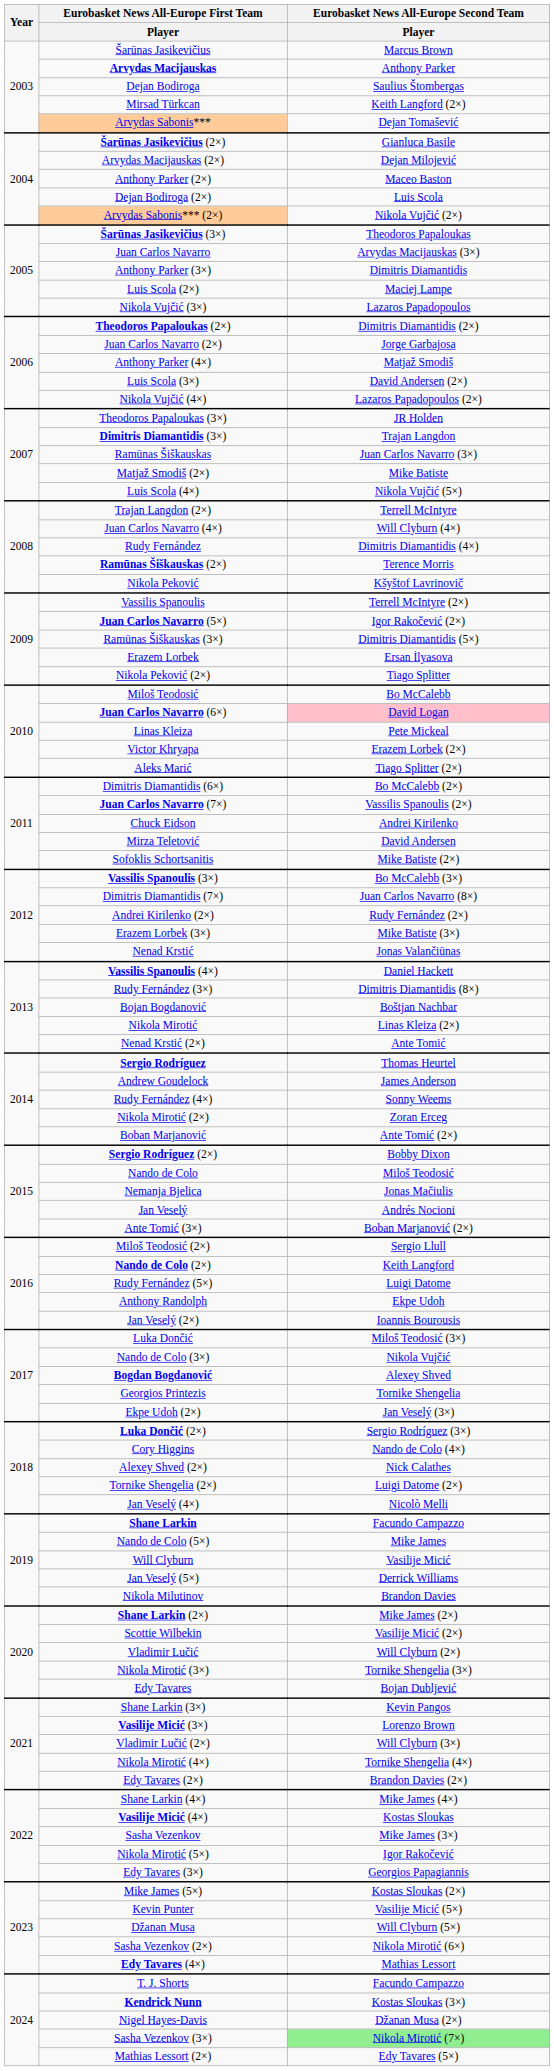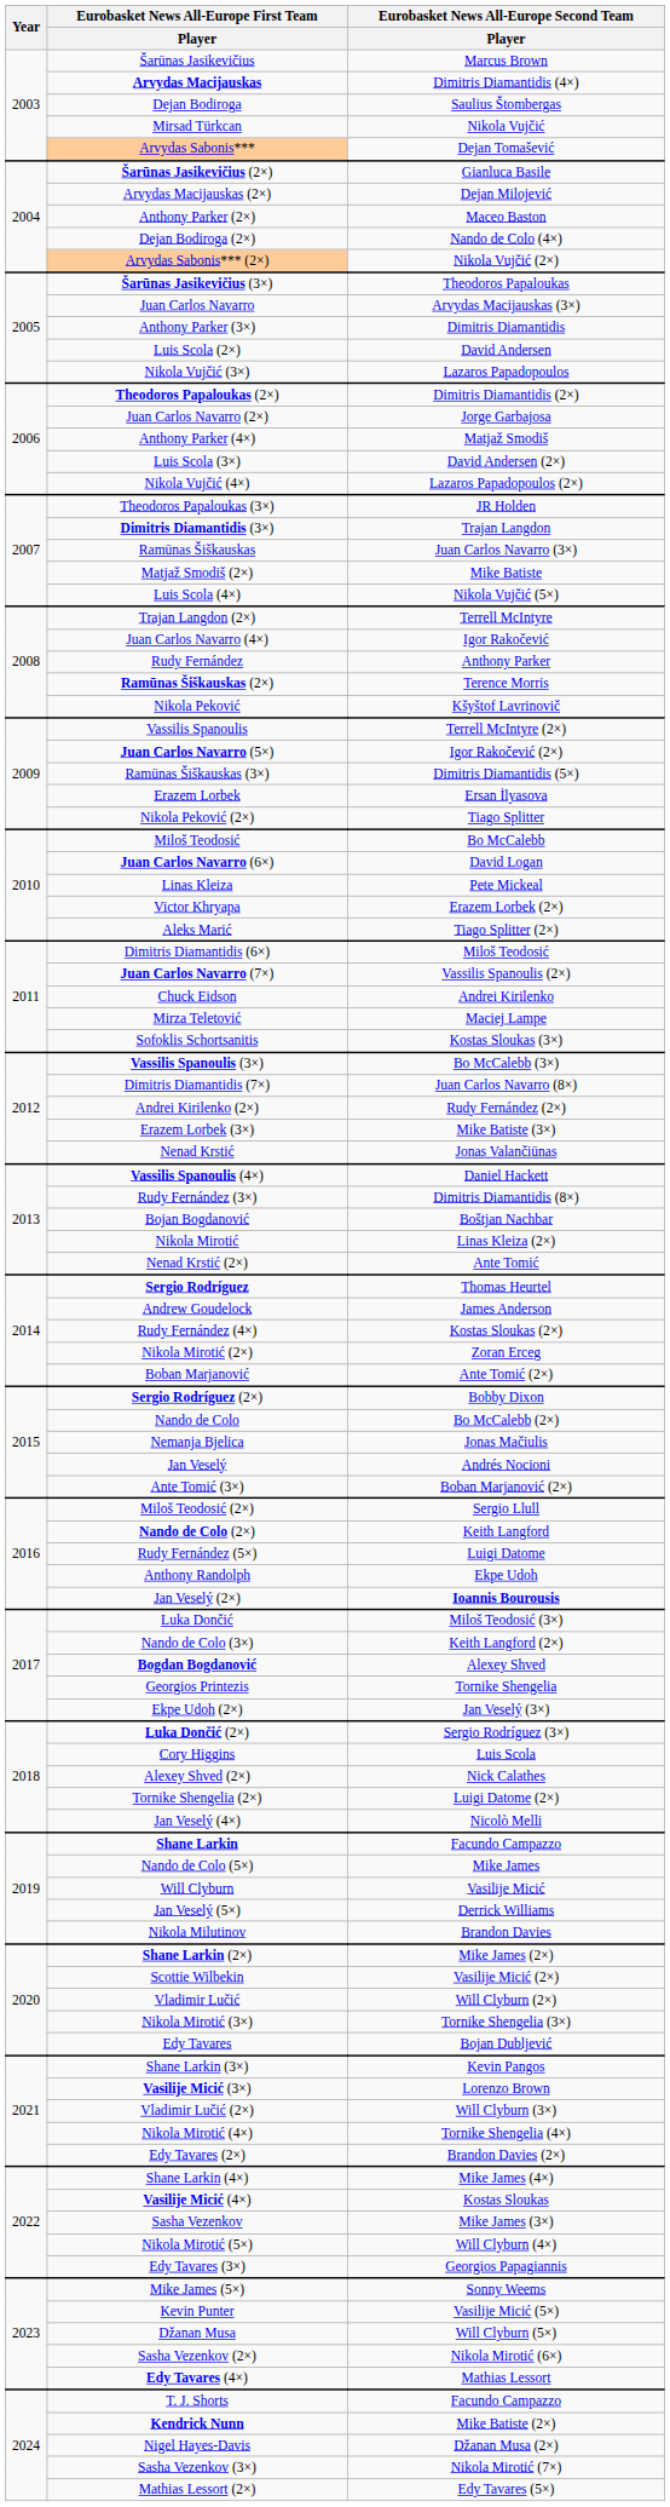 <table class="wikitable sortable" style="text-align:center; width: 60%">
 <tr>
 <th rowspan="2">Year</th>
 <th>Eurobasket News All-Europe First Team</th>
 <th>Eurobasket News All-Europe Second Team</th>
 </tr>
 <tr>
 <th>Player</th>
 <th>Player</th>
 </tr>
 <tr>
 <td rowspan="5">2003</td>
 <td> <a href='#'>Šarūnas Jasikevičius</a></td>
 <td> <a href='#'>Marcus Brown</a></td>
 </tr>
 <tr>
 <td> <strong><a href='#'>Arvydas Macijauskas</a></strong></td>
-<td> <a href='#'>Anthony Parker</a></td>
+<td> <a href='#'>Dimitris Diamantidis</a> (4×)</td>
 </tr>
 <tr>
 <td> <a href='#'>Dejan Bodiroga</a></td>
 <td> <a href='#'>Saulius Štombergas</a></td>
 </tr>
 <tr>
 <td> <a href='#'>Mirsad Türkcan</a></td>
-<td> <a href='#'>Keith Langford</a> (2×)</td>
+<td> <a href='#'>Nikola Vujčić</a></td>
 </tr>
 <tr>
 <td scope="row" style="background-color:#FFCC99; align=left"> <a href='#'>Arvydas Sabonis</a>***</td>
 <td> <a href='#'>Dejan Tomašević</a></td>
 </tr>
 <tr style="border-top:2px solid black">
 <td rowspan="5">2004</td>
 <td> <strong><a href='#'>Šarūnas Jasikevičius</a></strong> (2×)</td>
 <td> <a href='#'>Gianluca Basile</a></td>
 </tr>
 <tr>
 <td> <a href='#'>Arvydas Macijauskas</a> (2×)</td>
 <td> <a href='#'>Dejan Milojević</a></td>
 </tr>
 <tr>
 <td> <a href='#'>Anthony Parker</a> (2×)</td>
 <td> <a href='#'>Maceo Baston</a></td>
 </tr>
 <tr>
 <td> <a href='#'>Dejan Bodiroga</a> (2×)</td>
-<td> <a href='#'>Luis Scola</a></td>
+<td> <a href='#'>Nando de Colo</a> (4×)</td>
 </tr>
 <tr>
 <td scope="row" style="background-color:#FFCC99; align=left"> <a href='#'>Arvydas Sabonis</a>*** (2×)</td>
 <td> <a href='#'>Nikola Vujčić</a> (2×)</td>
 </tr>
 <tr style="border-top:2px solid black">
 <td rowspan="5">2005</td>
 <td> <strong><a href='#'>Šarūnas Jasikevičius</a></strong> (3×)</td>
 <td> <a href='#'>Theodoros Papaloukas</a></td>
 </tr>
 <tr>
 <td> <a href='#'>Juan Carlos Navarro</a></td>
 <td> <a href='#'>Arvydas Macijauskas</a> (3×)</td>
 </tr>
 <tr>
 <td> <a href='#'>Anthony Parker</a> (3×)</td>
 <td> <a href='#'>Dimitris Diamantidis</a></td>
 </tr>
 <tr>
 <td> <a href='#'>Luis Scola</a> (2×)</td>
-<td> <a href='#'>Maciej Lampe</a></td>
+<td> <a href='#'>David Andersen</a></td>
 </tr>
 <tr>
 <td> <a href='#'>Nikola Vujčić</a> (3×)</td>
 <td> <a href='#'>Lazaros Papadopoulos</a></td>
 </tr>
 <tr style="border-top:2px solid black">
 <td rowspan="5">2006</td>
 <td> <strong><a href='#'>Theodoros Papaloukas</a></strong> (2×)</td>
 <td> <a href='#'>Dimitris Diamantidis</a> (2×)</td>
 </tr>
 <tr>
 <td> <a href='#'>Juan Carlos Navarro</a> (2×)</td>
 <td> <a href='#'>Jorge Garbajosa</a></td>
 </tr>
 <tr>
 <td> <a href='#'>Anthony Parker</a> (4×)</td>
 <td> <a href='#'>Matjaž Smodiš</a></td>
 </tr>
 <tr>
 <td> <a href='#'>Luis Scola</a> (3×)</td>
 <td> <a href='#'>David Andersen</a> (2×)</td>
 </tr>
 <tr>
 <td> <a href='#'>Nikola Vujčić</a> (4×)</td>
 <td> <a href='#'>Lazaros Papadopoulos</a> (2×)</td>
 </tr>
 <tr style="border-top:2px solid black">
 <td rowspan="5">2007</td>
 <td> <a href='#'>Theodoros Papaloukas</a> (3×)</td>
 <td> <a href='#'>JR Holden</a></td>
 </tr>
 <tr>
 <td> <strong><a href='#'>Dimitris Diamantidis</a></strong> (3×)</td>
 <td> <a href='#'>Trajan Langdon</a></td>
 </tr>
 <tr>
 <td> <a href='#'>Ramūnas Šiškauskas</a></td>
 <td> <a href='#'>Juan Carlos Navarro</a> (3×)</td>
 </tr>
 <tr>
 <td> <a href='#'>Matjaž Smodiš</a> (2×)</td>
 <td> <a href='#'>Mike Batiste</a></td>
 </tr>
 <tr>
 <td> <a href='#'>Luis Scola</a> (4×)</td>
 <td> <a href='#'>Nikola Vujčić</a> (5×)</td>
 </tr>
 <tr style="border-top:2px solid black">
 <td rowspan="5">2008</td>
 <td> <a href='#'>Trajan Langdon</a> (2×)</td>
 <td> <a href='#'>Terrell McIntyre</a></td>
 </tr>
 <tr>
 <td> <a href='#'>Juan Carlos Navarro</a> (4×)</td>
-<td> <a href='#'>Will Clyburn</a> (4×)</td>
+<td> <a href='#'>Igor Rakočević</a></td>
 </tr>
 <tr>
 <td> <a href='#'>Rudy Fernández</a></td>
-<td> <a href='#'>Dimitris Diamantidis</a> (4×)</td>
+<td> <a href='#'>Anthony Parker</a></td>
 </tr>
 <tr>
 <td> <strong><a href='#'>Ramūnas Šiškauskas</a></strong> (2×)</td>
 <td> <a href='#'>Terence Morris</a></td>
 </tr>
 <tr>
 <td> <a href='#'>Nikola Peković</a></td>
 <td> <a href='#'>Kšyštof Lavrinovič</a></td>
 </tr>
 <tr style="border-top:2px solid black">
 <td rowspan="5">2009</td>
 <td> <a href='#'>Vassilis Spanoulis</a></td>
 <td> <a href='#'>Terrell McIntyre</a> (2×)</td>
 </tr>
 <tr>
 <td> <strong><a href='#'>Juan Carlos Navarro</a></strong> (5×)</td>
 <td> <a href='#'>Igor Rakočević</a> (2×)</td>
 </tr>
 <tr>
 <td> <a href='#'>Ramūnas Šiškauskas</a> (3×)</td>
 <td> <a href='#'>Dimitris Diamantidis</a> (5×)</td>
 </tr>
 <tr>
 <td> <a href='#'>Erazem Lorbek</a></td>
 <td> <a href='#'>Ersan İlyasova</a></td>
 </tr>
 <tr>
 <td> <a href='#'>Nikola Peković</a> (2×)</td>
 <td> <a href='#'>Tiago Splitter</a></td>
 </tr>
 <tr style="border-top:2px solid black">
 <td rowspan="5">2010</td>
 <td> <a href='#'>Miloš Teodosić</a></td>
 <td> <a href='#'>Bo McCalebb</a></td>
 </tr>
 <tr>
 <td> <strong><a href='#'>Juan Carlos Navarro</a></strong> (6×)</td>
-<td style="background: pink;"> <a href='#'>David Logan</a></td>
+<td> <a href='#'>David Logan</a></td>
 </tr>
 <tr>
 <td> <a href='#'>Linas Kleiza</a></td>
 <td> <a href='#'>Pete Mickeal</a></td>
 </tr>
 <tr>
 <td> <a href='#'>Victor Khryapa</a></td>
 <td> <a href='#'>Erazem Lorbek</a> (2×)</td>
 </tr>
 <tr>
 <td> <a href='#'>Aleks Marić</a></td>
 <td> <a href='#'>Tiago Splitter</a> (2×)</td>
 </tr>
 <tr style="border-top:2px solid black">
 <td rowspan="5">2011</td>
 <td> <a href='#'>Dimitris Diamantidis</a> (6×)</td>
-<td> <a href='#'>Bo McCalebb</a> (2×)</td>
+<td> <a href='#'>Miloš Teodosić</a></td>
 </tr>
 <tr>
 <td> <strong><a href='#'>Juan Carlos Navarro</a></strong> (7×)</td>
 <td> <a href='#'>Vassilis Spanoulis</a> (2×)</td>
 </tr>
 <tr>
 <td> <a href='#'>Chuck Eidson</a></td>
 <td> <a href='#'>Andrei Kirilenko</a></td>
 </tr>
 <tr>
 <td> <a href='#'>Mirza Teletović</a></td>
-<td> <a href='#'>David Andersen</a></td>
+<td> <a href='#'>Maciej Lampe</a></td>
 </tr>
 <tr>
 <td> <a href='#'>Sofoklis Schortsanitis</a></td>
-<td> <a href='#'>Mike Batiste</a> (2×)</td>
+<td> <a href='#'>Kostas Sloukas</a> (3×)</td>
 </tr>
 <tr style="border-top:2px solid black">
 <td rowspan="5">2012</td>
 <td> <strong><a href='#'>Vassilis Spanoulis</a></strong> (3×)</td>
 <td> <a href='#'>Bo McCalebb</a> (3×)</td>
 </tr>
 <tr>
 <td> <a href='#'>Dimitris Diamantidis</a> (7×)</td>
 <td> <a href='#'>Juan Carlos Navarro</a> (8×)</td>
 </tr>
 <tr>
 <td> <a href='#'>Andrei Kirilenko</a> (2×)</td>
 <td> <a href='#'>Rudy Fernández</a> (2×)</td>
 </tr>
 <tr>
 <td> <a href='#'>Erazem Lorbek</a> (3×)</td>
 <td> <a href='#'>Mike Batiste</a> (3×)</td>
 </tr>
 <tr>
 <td> <a href='#'>Nenad Krstić</a></td>
 <td> <a href='#'>Jonas Valančiūnas</a></td>
 </tr>
 <tr style="border-top:2px solid black">
 <td rowspan="5">2013</td>
 <td> <strong><a href='#'>Vassilis Spanoulis</a></strong> (4×)</td>
 <td> <a href='#'>Daniel Hackett</a></td>
 </tr>
 <tr>
 <td> <a href='#'>Rudy Fernández</a> (3×)</td>
 <td> <a href='#'>Dimitris Diamantidis</a> (8×)</td>
 </tr>
 <tr>
 <td> <a href='#'>Bojan Bogdanović</a></td>
 <td> <a href='#'>Boštjan Nachbar</a></td>
 </tr>
 <tr>
 <td> <a href='#'>Nikola Mirotić</a></td>
 <td> <a href='#'>Linas Kleiza</a> (2×)</td>
 </tr>
 <tr>
 <td> <a href='#'>Nenad Krstić</a> (2×)</td>
 <td> <a href='#'>Ante Tomić</a></td>
 </tr>
 <tr style="border-top:2px solid black">
 <td rowspan="5">2014</td>
 <td> <strong><a href='#'>Sergio Rodríguez</a></strong></td>
 <td> <a href='#'>Thomas Heurtel</a></td>
 </tr>
 <tr>
 <td> <a href='#'>Andrew Goudelock</a></td>
 <td> <a href='#'>James Anderson</a></td>
 </tr>
 <tr>
 <td> <a href='#'>Rudy Fernández</a> (4×)</td>
-<td> <a href='#'>Sonny Weems</a></td>
+<td> <a href='#'>Kostas Sloukas</a> (2×)</td>
 </tr>
 <tr>
 <td> <a href='#'>Nikola Mirotić</a> (2×)</td>
 <td> <a href='#'>Zoran Erceg</a></td>
 </tr>
 <tr>
 <td> <a href='#'>Boban Marjanović</a></td>
 <td> <a href='#'>Ante Tomić</a> (2×)</td>
 </tr>
 <tr style="border-top:2px solid black">
 <td rowspan="5">2015</td>
 <td> <strong><a href='#'>Sergio Rodríguez</a></strong> (2×)</td>
 <td> <a href='#'>Bobby Dixon</a></td>
 </tr>
 <tr>
 <td> <a href='#'>Nando de Colo</a></td>
-<td> <a href='#'>Miloš Teodosić</a></td>
+<td> <a href='#'>Bo McCalebb</a> (2×)</td>
 </tr>
 <tr>
 <td> <a href='#'>Nemanja Bjelica</a></td>
 <td> <a href='#'>Jonas Mačiulis</a></td>
 </tr>
 <tr>
 <td> <a href='#'>Jan Veselý</a></td>
 <td> <a href='#'>Andrés Nocioni</a></td>
 </tr>
 <tr>
 <td> <a href='#'>Ante Tomić</a> (3×)</td>
 <td> <a href='#'>Boban Marjanović</a> (2×)</td>
 </tr>
 <tr style="border-top:2px solid black">
 <td rowspan="5">2016</td>
 <td> <a href='#'>Miloš Teodosić</a> (2×)</td>
 <td> <a href='#'>Sergio Llull</a></td>
 </tr>
 <tr>
 <td> <strong><a href='#'>Nando de Colo</a></strong> (2×)</td>
 <td> <a href='#'>Keith Langford</a></td>
 </tr>
 <tr>
 <td> <a href='#'>Rudy Fernández</a> (5×)</td>
 <td> <a href='#'>Luigi Datome</a></td>
 </tr>
 <tr>
 <td> <a href='#'>Anthony Randolph</a></td>
 <td> <a href='#'>Ekpe Udoh</a></td>
 </tr>
 <tr>
 <td> <a href='#'>Jan Veselý</a> (2×)</td>
-<td> <a href='#'>Ioannis Bourousis</a></td>
+<td><strong> <a href='#'>Ioannis Bourousis</a></strong></td>
 </tr>
 <tr style="border-top:2px solid black">
 <td rowspan="5">2017</td>
 <td> <a href='#'>Luka Dončić</a></td>
 <td> <a href='#'>Miloš Teodosić</a> (3×)</td>
 </tr>
 <tr>
 <td> <a href='#'>Nando de Colo</a> (3×)</td>
-<td> <a href='#'>Nikola Vujčić</a></td>
+<td> <a href='#'>Keith Langford</a> (2×)</td>
 </tr>
 <tr>
 <td> <strong><a href='#'>Bogdan Bogdanović</a></strong></td>
 <td> <a href='#'>Alexey Shved</a></td>
 </tr>
 <tr>
 <td> <a href='#'>Georgios Printezis</a></td>
 <td> <a href='#'>Tornike Shengelia</a></td>
 </tr>
 <tr>
 <td> <a href='#'>Ekpe Udoh</a> (2×)</td>
 <td> <a href='#'>Jan Veselý</a> (3×)</td>
 </tr>
 <tr style="border-top:2px solid black">
 <td rowspan="5">2018</td>
 <td> <strong><a href='#'>Luka Dončić</a></strong> (2×)</td>
 <td> <a href='#'>Sergio Rodríguez</a> (3×)</td>
 </tr>
 <tr>
 <td> <a href='#'>Cory Higgins</a></td>
-<td> <a href='#'>Nando de Colo</a> (4×)</td>
+<td> <a href='#'>Luis Scola</a></td>
 </tr>
 <tr>
 <td> <a href='#'>Alexey Shved</a> (2×)</td>
 <td> <a href='#'>Nick Calathes</a></td>
 </tr>
 <tr>
 <td> <a href='#'>Tornike Shengelia</a> (2×)</td>
 <td> <a href='#'>Luigi Datome</a> (2×)</td>
 </tr>
 <tr>
 <td> <a href='#'>Jan Veselý</a> (4×)</td>
 <td> <a href='#'>Nicolò Melli</a></td>
 </tr>
 <tr style="border-top:2px solid black">
 <td rowspan="5">2019</td>
 <td> <strong><a href='#'>Shane Larkin</a></strong></td>
 <td> <a href='#'>Facundo Campazzo</a></td>
 </tr>
 <tr>
 <td> <a href='#'>Nando de Colo</a> (5×)</td>
 <td> <a href='#'>Mike James</a></td>
 </tr>
 <tr>
 <td> <a href='#'>Will Clyburn</a></td>
 <td> <a href='#'>Vasilije Micić</a></td>
 </tr>
 <tr>
 <td> <a href='#'>Jan Veselý</a> (5×)</td>
 <td> <a href='#'>Derrick Williams</a></td>
 </tr>
 <tr>
 <td> <a href='#'>Nikola Milutinov</a></td>
 <td> <a href='#'>Brandon Davies</a></td>
 </tr>
 <tr style="border-top:2px solid black">
 <td rowspan="5">2020</td>
 <td> <strong><a href='#'>Shane Larkin</a></strong> (2×)</td>
 <td> <a href='#'>Mike James</a> (2×)</td>
 </tr>
 <tr>
 <td> <a href='#'>Scottie Wilbekin</a></td>
 <td> <a href='#'>Vasilije Micić</a> (2×)</td>
 </tr>
 <tr>
 <td> <a href='#'>Vladimir Lučić</a></td>
 <td> <a href='#'>Will Clyburn</a> (2×)</td>
 </tr>
 <tr>
 <td> <a href='#'>Nikola Mirotić</a> (3×)</td>
 <td> <a href='#'>Tornike Shengelia</a> (3×)</td>
 </tr>
 <tr>
 <td> <a href='#'>Edy Tavares</a></td>
 <td> <a href='#'>Bojan Dubljević</a></td>
 </tr>
 <tr style="border-top:2px solid black">
 <td rowspan="5">2021</td>
 <td> <a href='#'>Shane Larkin</a> (3×)</td>
 <td> <a href='#'>Kevin Pangos</a></td>
 </tr>
 <tr>
 <td> <strong><a href='#'>Vasilije Micić</a></strong> (3×)</td>
 <td> <a href='#'>Lorenzo Brown</a></td>
 </tr>
 <tr>
 <td> <a href='#'>Vladimir Lučić</a> (2×)</td>
 <td> <a href='#'>Will Clyburn</a> (3×)</td>
 </tr>
 <tr>
 <td> <a href='#'>Nikola Mirotić</a> (4×)</td>
 <td> <a href='#'>Tornike Shengelia</a> (4×)</td>
 </tr>
 <tr>
 <td> <a href='#'>Edy Tavares</a> (2×)</td>
 <td> <a href='#'>Brandon Davies</a> (2×)</td>
 </tr>
 <tr style="border-top:2px solid black">
 <td rowspan="5">2022</td>
 <td> <a href='#'>Shane Larkin</a> (4×)</td>
 <td> <a href='#'>Mike James</a> (4×)</td>
 </tr>
 <tr>
 <td> <strong><a href='#'>Vasilije Micić</a></strong> (4×)</td>
 <td> <a href='#'>Kostas Sloukas</a></td>
 </tr>
 <tr>
 <td> <a href='#'>Sasha Vezenkov</a></td>
 <td> <a href='#'>Mike James</a> (3×)</td>
 </tr>
 <tr>
 <td> <a href='#'>Nikola Mirotić</a> (5×)</td>
-<td> <a href='#'>Igor Rakočević</a></td>
+<td> <a href='#'>Will Clyburn</a> (4×)</td>
 </tr>
 <tr>
 <td> <a href='#'>Edy Tavares</a> (3×)</td>
 <td> <a href='#'>Georgios Papagiannis</a></td>
 </tr>
 <tr style="border-top:2px solid black">
 <td rowspan="5">2023</td>
 <td> <a href='#'>Mike James</a> (5×)</td>
-<td> <a href='#'>Kostas Sloukas</a> (2×)</td>
+<td> <a href='#'>Sonny Weems</a></td>
 </tr>
 <tr>
 <td> <a href='#'>Kevin Punter</a></td>
 <td> <a href='#'>Vasilije Micić</a> (5×)</td>
 </tr>
 <tr>
 <td> <a href='#'>Džanan Musa</a></td>
 <td> <a href='#'>Will Clyburn</a> (5×)</td>
 </tr>
 <tr>
 <td> <a href='#'>Sasha Vezenkov</a> (2×)</td>
 <td> <a href='#'>Nikola Mirotić</a> (6×)</td>
 </tr>
 <tr>
 <td> <strong><a href='#'>Edy Tavares</a></strong> (4×)</td>
 <td> <a href='#'>Mathias Lessort</a></td>
 </tr>
 <tr style="border-top:2px solid black">
 <td rowspan="5">2024</td>
 <td> <a href='#'>T. J. Shorts</a></td>
 <td> <a href='#'>Facundo Campazzo</a></td>
 </tr>
 <tr>
 <td> <strong><a href='#'>Kendrick Nunn</a></strong></td>
-<td> <a href='#'>Kostas Sloukas</a> (3×)</td>
+<td> <a href='#'>Mike Batiste</a> (2×)</td>
 </tr>
 <tr>
 <td> <a href='#'>Nigel Hayes-Davis</a></td>
 <td> <a href='#'>Džanan Musa</a> (2×)</td>
 </tr>
 <tr>
 <td> <a href='#'>Sasha Vezenkov</a> (3×)</td>
-<td style="background: lightgreen;"> <a href='#'>Nikola Mirotić</a> (7×)</td>
+<td> <a href='#'>Nikola Mirotić</a> (7×)</td>
 </tr>
 <tr>
 <td> <a href='#'>Mathias Lessort</a> (2×)</td>
 <td> <a href='#'>Edy Tavares</a> (5×)</td>
 </tr>
 </table>
